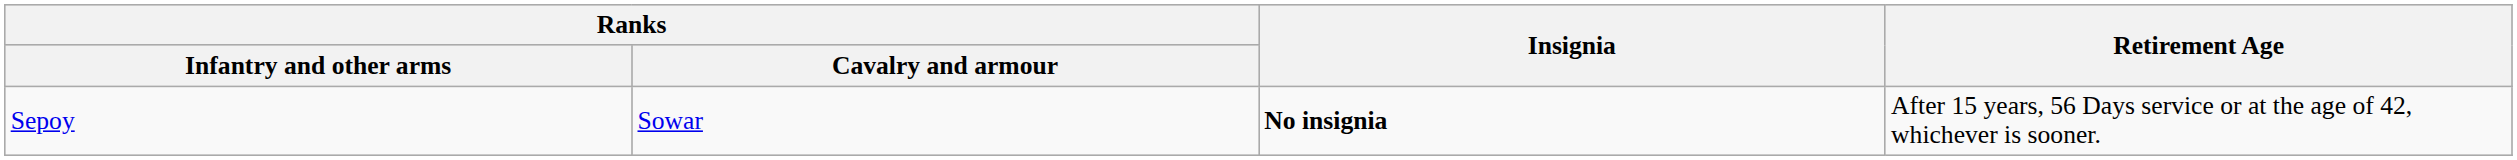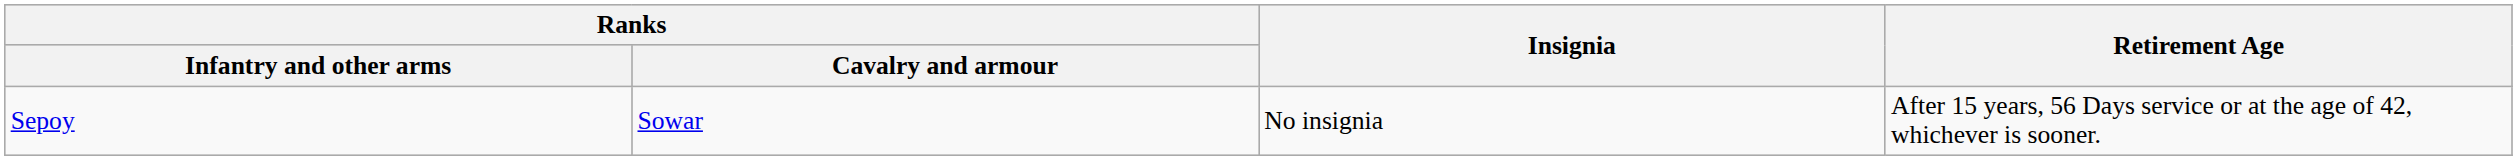 <table class="wikitable">
 <tr>
 <th width=25%; colspan=2>Ranks</th>
 <th width=25%; rowspan=2>Insignia</th>
 <th width=25%; rowspan=2>Retirement Age</th>
 </tr>
 <tr>
 <th width=25%;>Infantry and other arms</th>
 <th width=25%;>Cavalry and armour</th>
 </tr>
 <tr>
 <td><a href='#'>Sepoy</a></td>
 <td><a href='#'>Sowar</a></td>
-<td><strong>No insignia</strong></td>
+<td>No insignia</td>
 <td>After 15 years, 56 Days service or at the age of 42, whichever is sooner.</td>
 </tr>
 </table>
